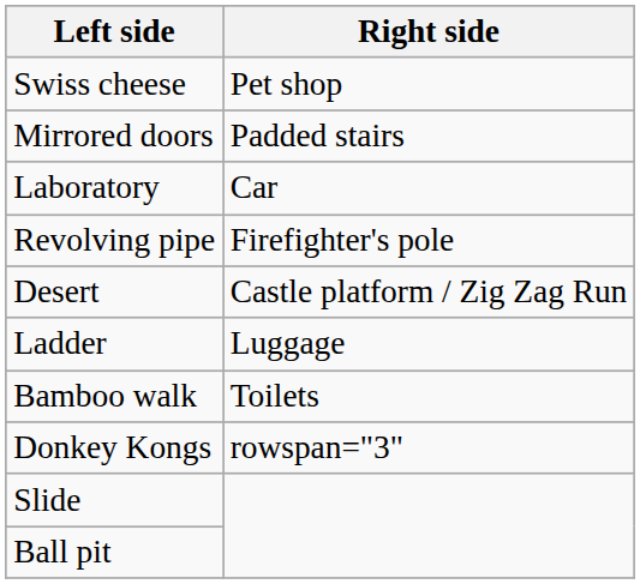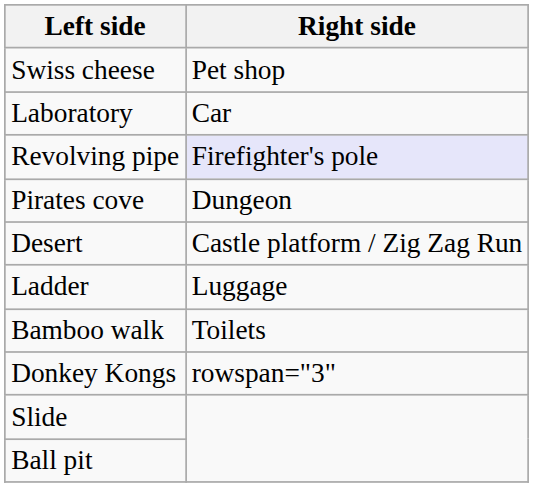 <table class="wikitable">
 <tr>
 <th>Left side</th>
 <th>Right side</th>
 </tr>
 <tr>
 <td>Swiss cheese</td>
 <td>Pet shop</td>
 </tr>
 <tr>
-<td>Mirrored doors</td>
-<td>Padded stairs</td>
-</tr>
-<tr>
 <td>Laboratory</td>
 <td>Car</td>
 </tr>
 <tr>
 <td>Revolving pipe</td>
-<td>Firefighter's pole</td>
+<td style="background: lavender;">Firefighter's pole</td>
+</tr>
+<tr>
+<td>Pirates cove</td>
+<td>Dungeon</td>
 </tr>
 <tr>
 <td>Desert</td>
 <td>Castle platform / Zig Zag Run</td>
 </tr>
 <tr>
 <td>Ladder</td>
 <td>Luggage</td>
 </tr>
 <tr>
 <td>Bamboo walk</td>
 <td>Toilets</td>
 </tr>
 <tr>
 <td>Donkey Kongs</td>
 <td>rowspan="3" </td>
 </tr>
 <tr>
 <td>Slide</td>
 </tr>
 <tr>
 <td>Ball pit</td>
 </tr>
 </table>
